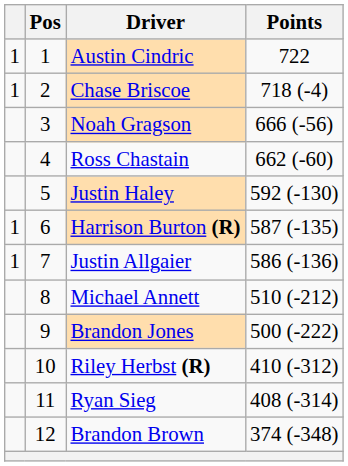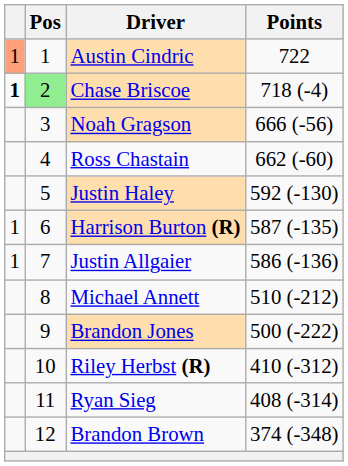 <table class="wikitable" style="font-size: 95%;">
 <tr>
 <th></th>
 <th>Pos</th>
 <th>Driver</th>
 <th>Points</th>
 </tr>
 <tr>
-<td align="left"> 1</td>
+<td align="left" style="background: lightsalmon;"> 1</td>
 <td style="text-align:center;">1</td>
 <td style="background:#FFDEAD;"><a href='#'>Austin Cindric</a></td>
 <td style="text-align:center;">722</td>
 </tr>
 <tr>
-<td align="left"> 1</td>
-<td style="text-align:center;">2</td>
+<td align="left"><strong> 1</strong></td>
+<td style="background: lightgreen; text-align:center;">2</td>
 <td style="background:#FFDEAD;"><a href='#'>Chase Briscoe</a></td>
 <td style="text-align:center;">718 (-4)</td>
 </tr>
 <tr>
 <td align="left"></td>
 <td style="text-align:center;">3</td>
 <td style="background:#FFDEAD;"><a href='#'>Noah Gragson</a></td>
 <td style="text-align:center;">666 (-56)</td>
 </tr>
 <tr>
 <td align="left"></td>
 <td style="text-align:center;">4</td>
 <td><a href='#'>Ross Chastain</a></td>
 <td style="text-align:center;">662 (-60)</td>
 </tr>
 <tr>
 <td align="left"></td>
 <td style="text-align:center;">5</td>
 <td style="background:#FFDEAD;"><a href='#'>Justin Haley</a></td>
 <td style="text-align:center;">592 (-130)</td>
 </tr>
 <tr>
 <td align="left"> 1</td>
 <td style="text-align:center;">6</td>
 <td style="background:#FFDEAD;"><a href='#'>Harrison Burton</a> <strong>(R)</strong></td>
 <td style="text-align:center;">587 (-135)</td>
 </tr>
 <tr>
 <td align="left"> 1</td>
 <td style="text-align:center;">7</td>
 <td><a href='#'>Justin Allgaier</a></td>
 <td style="text-align:center;">586 (-136)</td>
 </tr>
 <tr>
 <td align="left"></td>
 <td style="text-align:center;">8</td>
 <td><a href='#'>Michael Annett</a></td>
 <td style="text-align:center;">510 (-212)</td>
 </tr>
 <tr>
 <td align="left"></td>
 <td style="text-align:center;">9</td>
 <td style="background:#FFDEAD;"><a href='#'>Brandon Jones</a></td>
 <td style="text-align:center;">500 (-222)</td>
 </tr>
 <tr>
 <td align="left"></td>
 <td style="text-align:center;">10</td>
 <td><a href='#'>Riley Herbst</a> <strong>(R)</strong></td>
 <td style="text-align:center;">410 (-312)</td>
 </tr>
 <tr>
 <td align="left"></td>
 <td style="text-align:center;">11</td>
 <td><a href='#'>Ryan Sieg</a></td>
 <td style="text-align:center;">408 (-314)</td>
 </tr>
 <tr>
 <td align="left"></td>
 <td style="text-align:center;">12</td>
 <td><a href='#'>Brandon Brown</a></td>
 <td style="text-align:center;">374 (-348)</td>
 </tr>
 <tr class="sortbottom">
 <th colspan="4"></th>
 </tr>
 </table>
